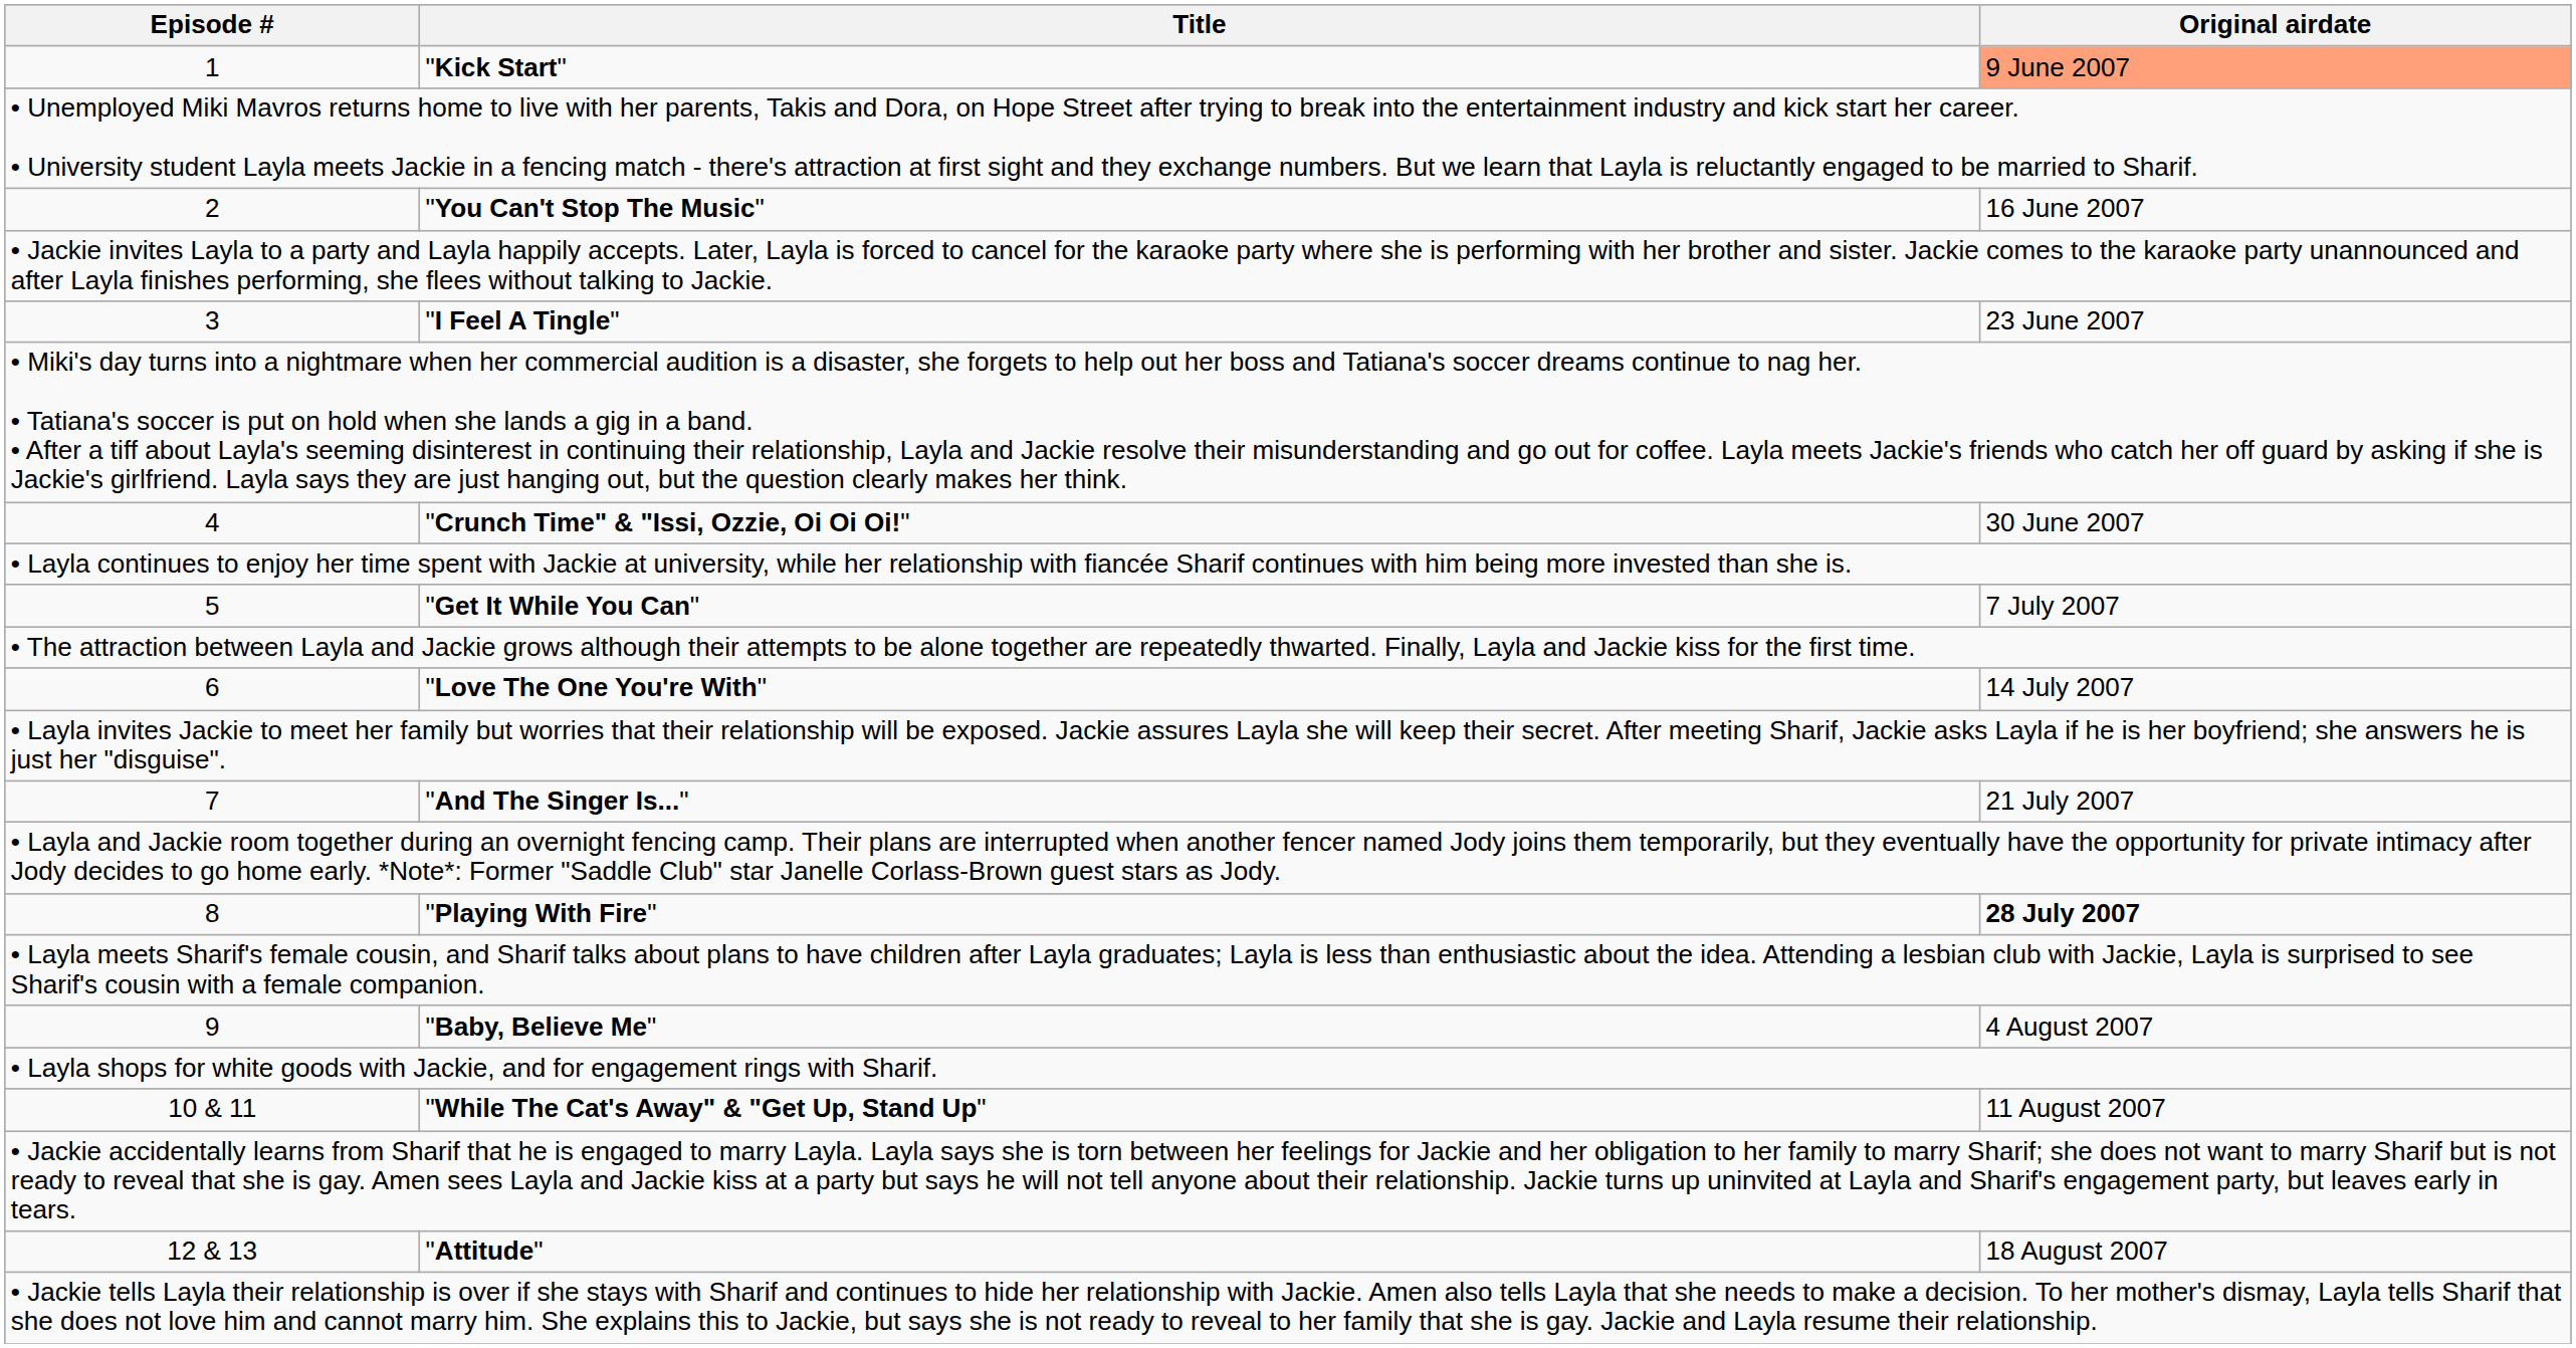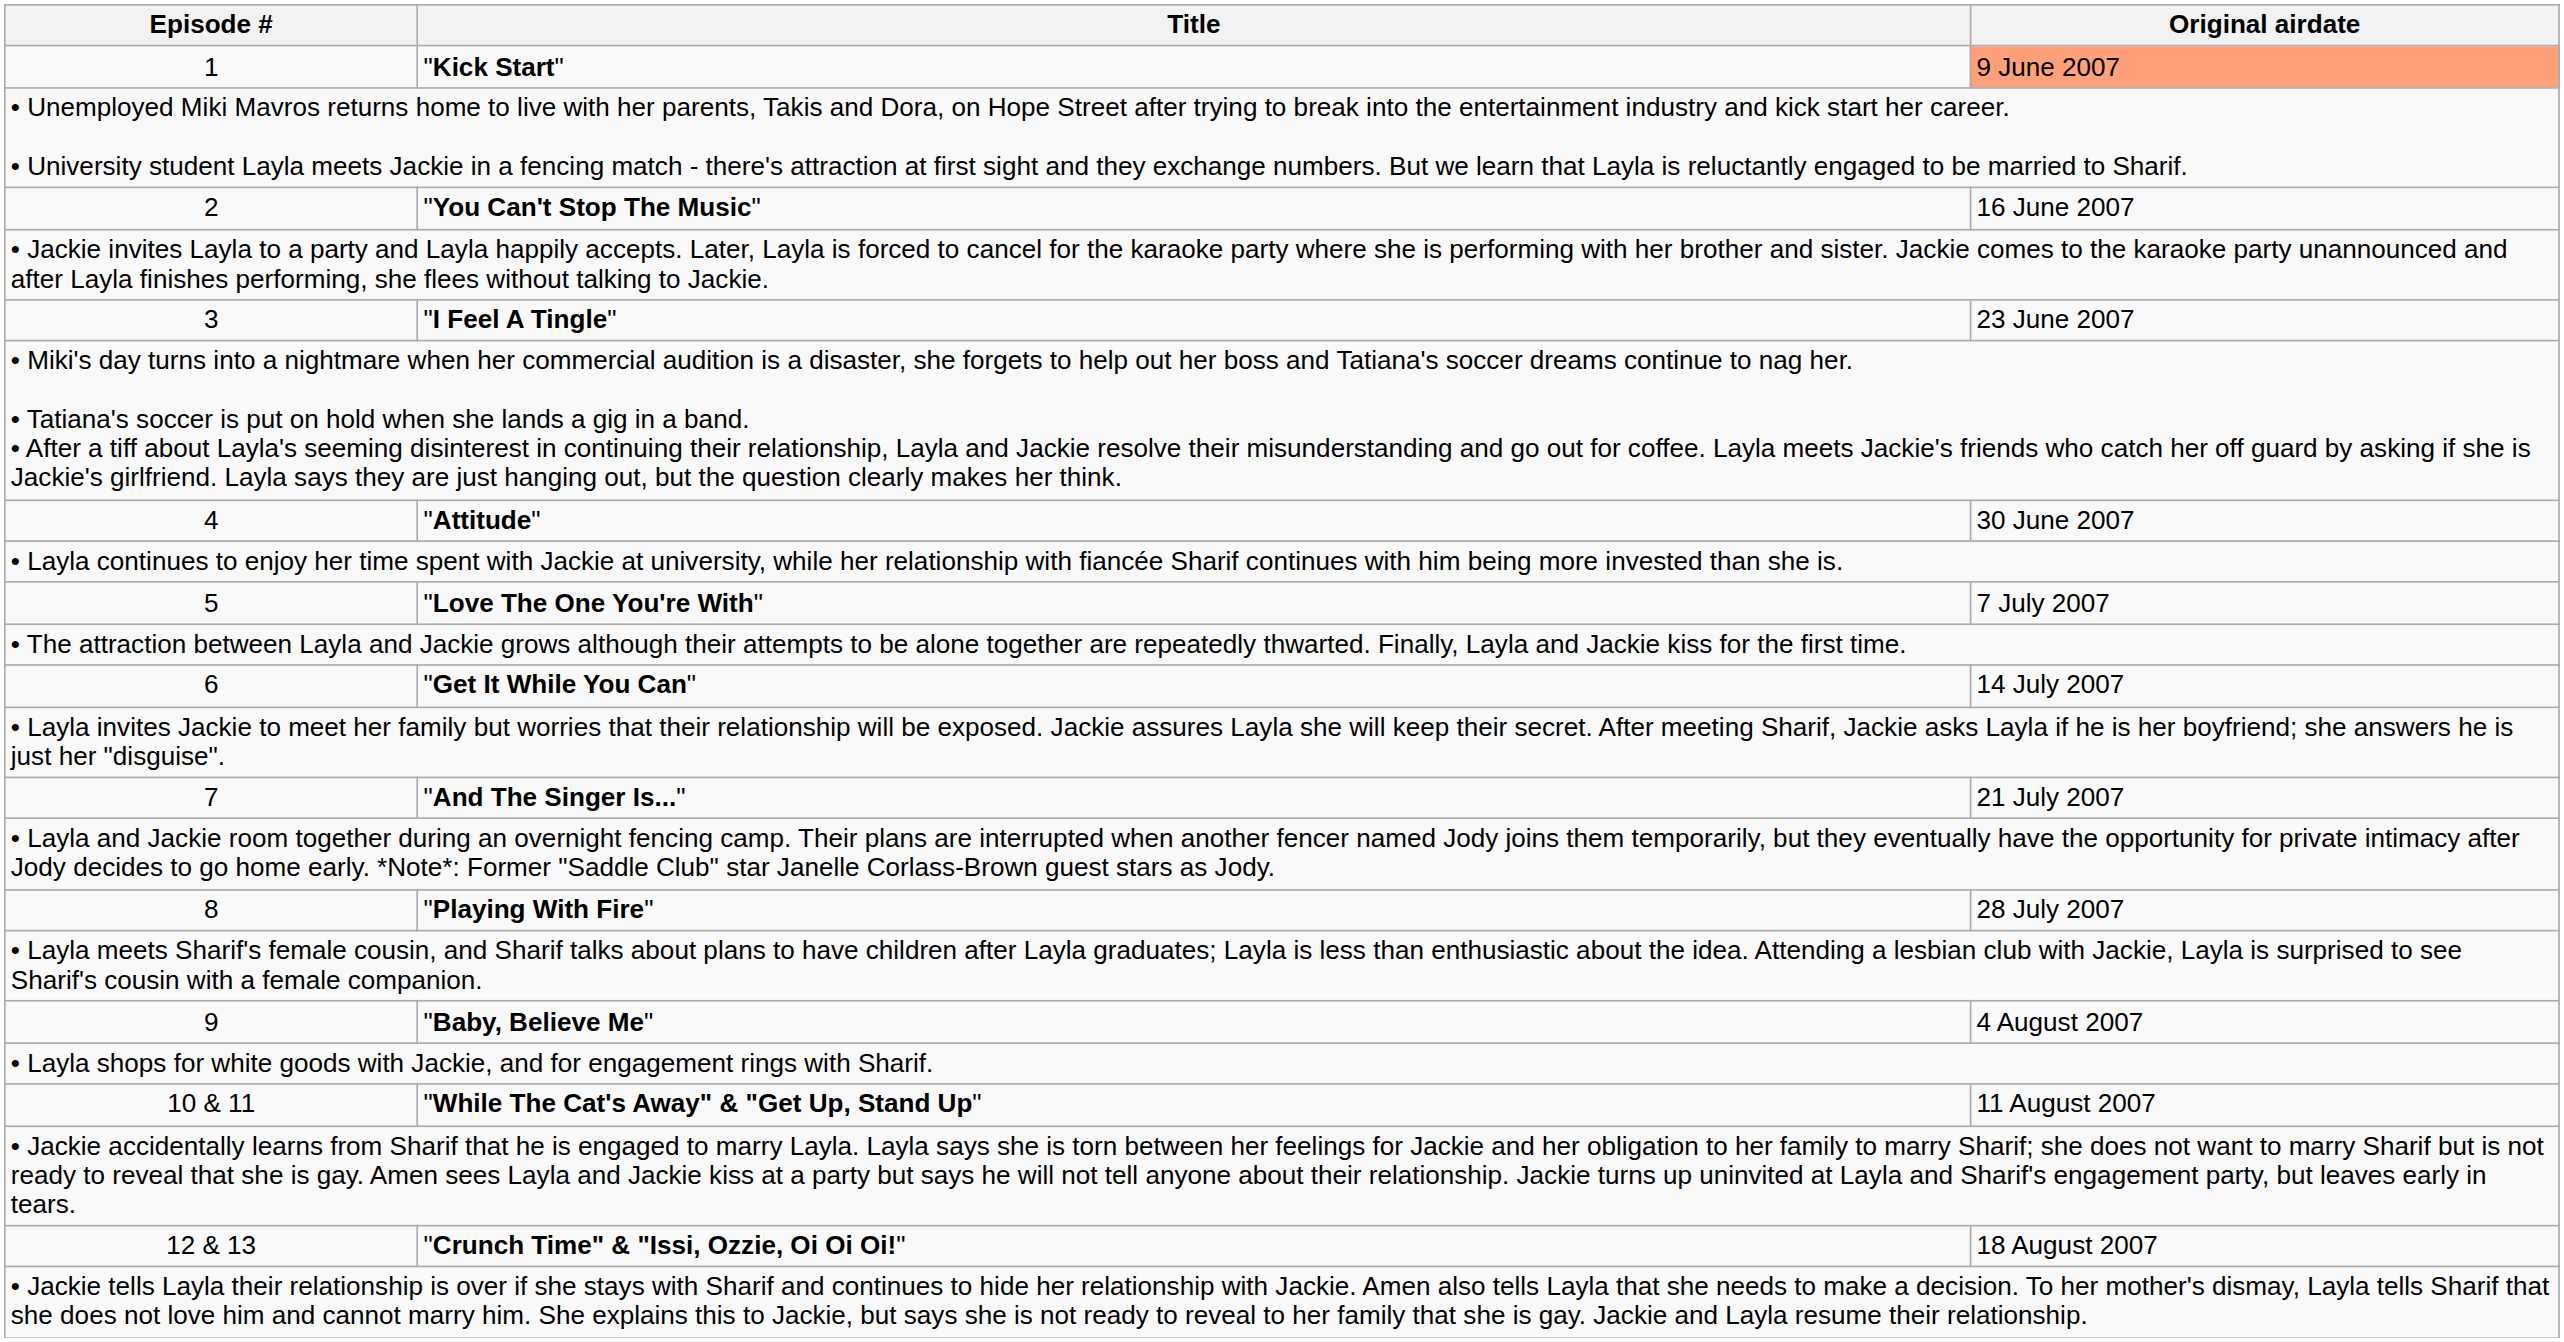 <table class="wikitable">
 <tr>
 <th>Episode #</th>
 <th>Title</th>
 <th>Original airdate</th>
 </tr>
 <tr>
 <td align=center>1</td>
 <td>"<strong>Kick Start</strong>"</td>
 <td style="background: lightsalmon;">9 June 2007</td>
 </tr>
 <tr>
 <td colspan="6">• Unemployed Miki Mavros returns home to live with her parents, Takis and Dora, on Hope Street after trying to break into the entertainment industry and kick start her career.<br><br>• University student Layla meets Jackie in a fencing match - there's attraction at first sight and they exchange numbers. But we learn that Layla is reluctantly engaged to be married to Sharif.</td>
 </tr>
 <tr>
 <td align=center>2</td>
 <td>"<strong>You Can't Stop The Music</strong>"</td>
 <td>16 June 2007</td>
 </tr>
 <tr>
 <td colspan="6">• Jackie invites Layla to a party and Layla happily accepts. Later, Layla is forced to cancel for the karaoke party where she is performing with her brother and sister. Jackie comes to the karaoke party unannounced and after Layla finishes performing, she flees without talking to Jackie.</td>
 </tr>
 <tr>
 <td align=center>3</td>
 <td>"<strong>I Feel A Tingle</strong>"</td>
 <td>23 June 2007</td>
 </tr>
 <tr>
 <td colspan="6">• Miki's day turns into a nightmare when her commercial audition is a disaster, she forgets to help out her boss and Tatiana's soccer dreams continue to nag her.<br><br>• Tatiana's soccer is put on hold when she lands a gig in a band.<br> • After a tiff about Layla's seeming disinterest in continuing their relationship, Layla and Jackie resolve their misunderstanding and go out for coffee. Layla meets Jackie's friends who catch her off guard by asking if she is Jackie's girlfriend. Layla says they are just hanging out, but the question clearly makes her think.</td>
 </tr>
 <tr>
 <td align=center>4</td>
-<td>"<strong>Crunch Time" & "Issi, Ozzie, Oi Oi Oi!</strong>"</td>
+<td>"<strong>Attitude</strong>"</td>
 <td>30 June 2007</td>
 </tr>
 <tr>
 <td colspan="6">• Layla continues to enjoy her time spent with Jackie at university, while her relationship with fiancée Sharif continues with him being more invested than she is.</td>
 </tr>
 <tr>
 <td align=center>5</td>
-<td>"<strong>Get It While You Can</strong>"</td>
+<td>"<strong>Love The One You're With</strong>"</td>
 <td>7 July 2007</td>
 </tr>
 <tr>
 <td colspan="6">• The attraction between Layla and Jackie grows although their attempts to be alone together are repeatedly thwarted. Finally, Layla and Jackie kiss for the first time.</td>
 </tr>
 <tr>
 <td align=center>6</td>
-<td>"<strong>Love The One You're With</strong>"</td>
+<td>"<strong>Get It While You Can</strong>"</td>
 <td>14 July 2007</td>
 </tr>
 <tr>
 <td colspan="6">• Layla invites Jackie to meet her family but worries that their relationship will be exposed. Jackie assures Layla she will keep their secret. After meeting Sharif, Jackie asks Layla if he is her boyfriend; she answers he is just her "disguise".</td>
 </tr>
 <tr>
 <td align=center>7</td>
 <td>"<strong>And The Singer Is...</strong>"</td>
 <td>21 July 2007</td>
 </tr>
 <tr>
 <td colspan="6">• Layla and Jackie room together during an overnight fencing camp. Their plans are interrupted when another fencer named Jody joins them temporarily, but they eventually have the opportunity for private intimacy after Jody decides to go home early. *Note*: Former "Saddle Club" star Janelle Corlass-Brown guest stars as Jody.</td>
 </tr>
 <tr>
 <td align=center>8</td>
 <td>"<strong>Playing With Fire</strong>"</td>
-<td><strong>28 July 2007</strong></td>
+<td>28 July 2007</td>
 </tr>
 <tr>
 <td colspan="6">• Layla meets Sharif's female cousin, and Sharif talks about plans to have children after Layla graduates; Layla is less than enthusiastic about the idea. Attending a lesbian club with Jackie, Layla is surprised to see Sharif's cousin with a female companion.</td>
 </tr>
 <tr>
 <td align=center>9</td>
 <td>"<strong>Baby, Believe Me</strong>"</td>
 <td>4 August 2007</td>
 </tr>
 <tr>
 <td colspan="6">• Layla shops for white goods with Jackie, and for engagement rings with Sharif.</td>
 </tr>
 <tr>
 <td align=center>10 & 11</td>
 <td>"<strong>While The Cat's Away" & "Get Up, Stand Up</strong>"</td>
 <td>11 August 2007</td>
 </tr>
 <tr>
 <td colspan="6">• Jackie accidentally learns from Sharif that he is engaged to marry Layla. Layla says she is torn between her feelings for Jackie and her obligation to her family to marry Sharif; she does not want to marry Sharif but is not ready to reveal that she is gay. Amen sees Layla and Jackie kiss at a party but says he will not tell anyone about their relationship. Jackie turns up uninvited at Layla and Sharif's engagement party, but leaves early in tears.</td>
 </tr>
 <tr>
 <td align=center>12 & 13</td>
-<td>"<strong>Attitude</strong>"</td>
+<td>"<strong>Crunch Time" & "Issi, Ozzie, Oi Oi Oi!</strong>"</td>
 <td>18 August 2007</td>
 </tr>
 <tr>
 <td colspan="6">• Jackie tells Layla their relationship is over if she stays with Sharif and continues to hide her relationship with Jackie. Amen also tells Layla that she needs to make a decision. To her mother's dismay, Layla tells Sharif that she does not love him and cannot marry him. She explains this to Jackie, but says she is not ready to reveal to her family that she is gay. Jackie and Layla resume their relationship.</td>
 </tr>
 </table>
